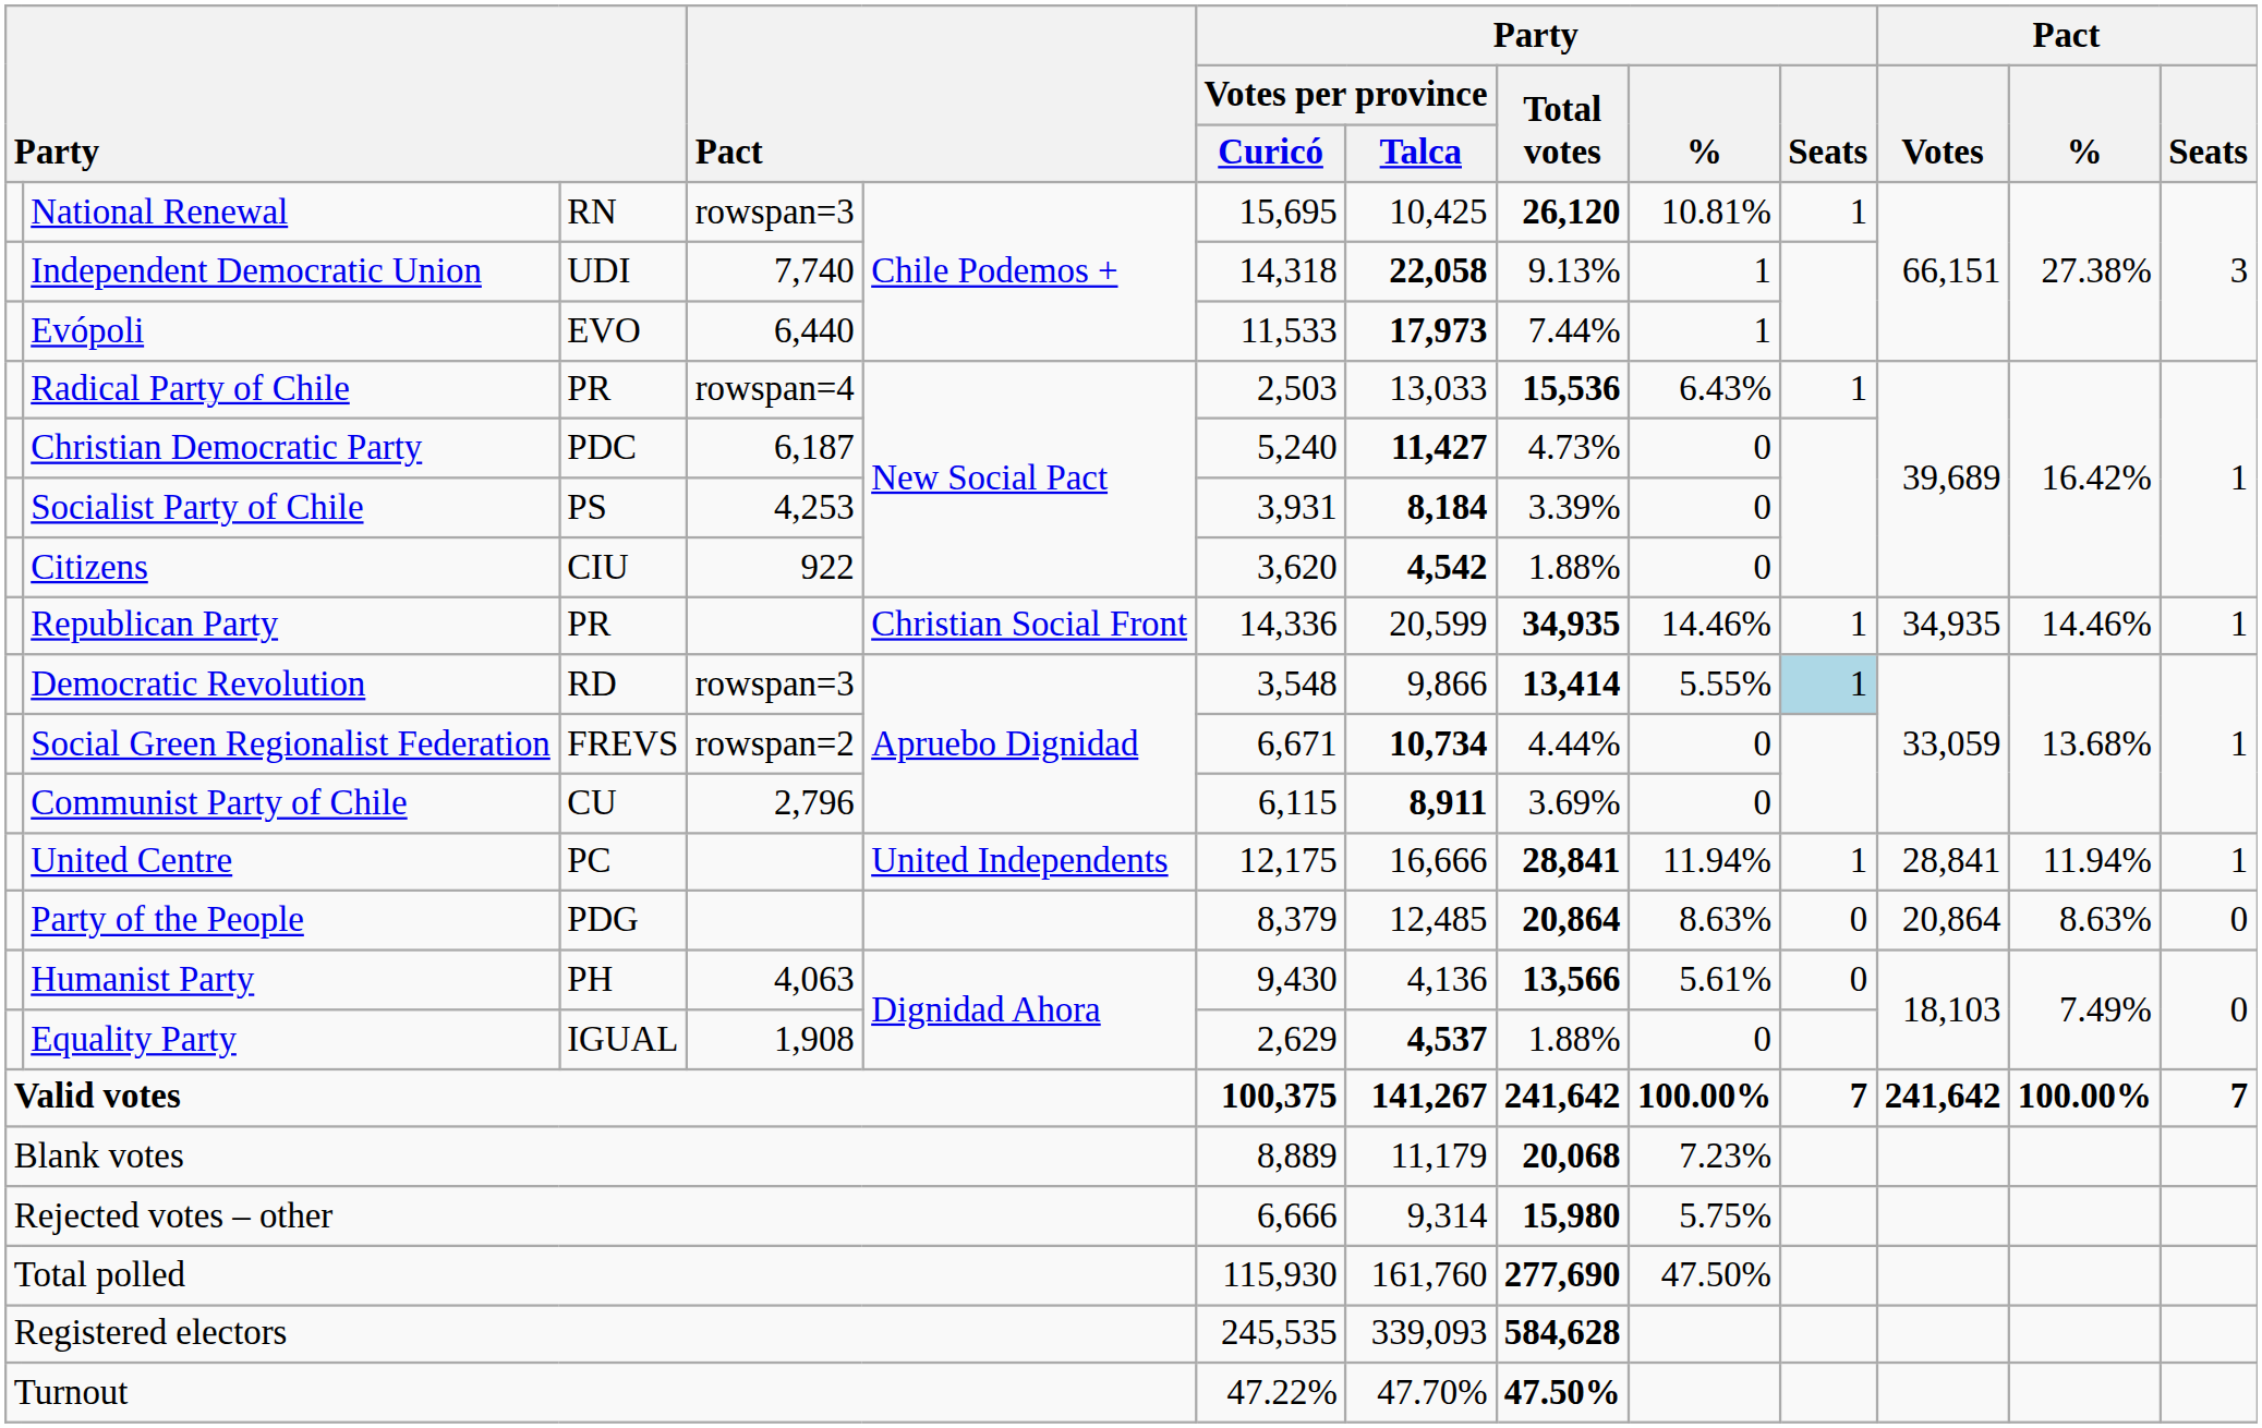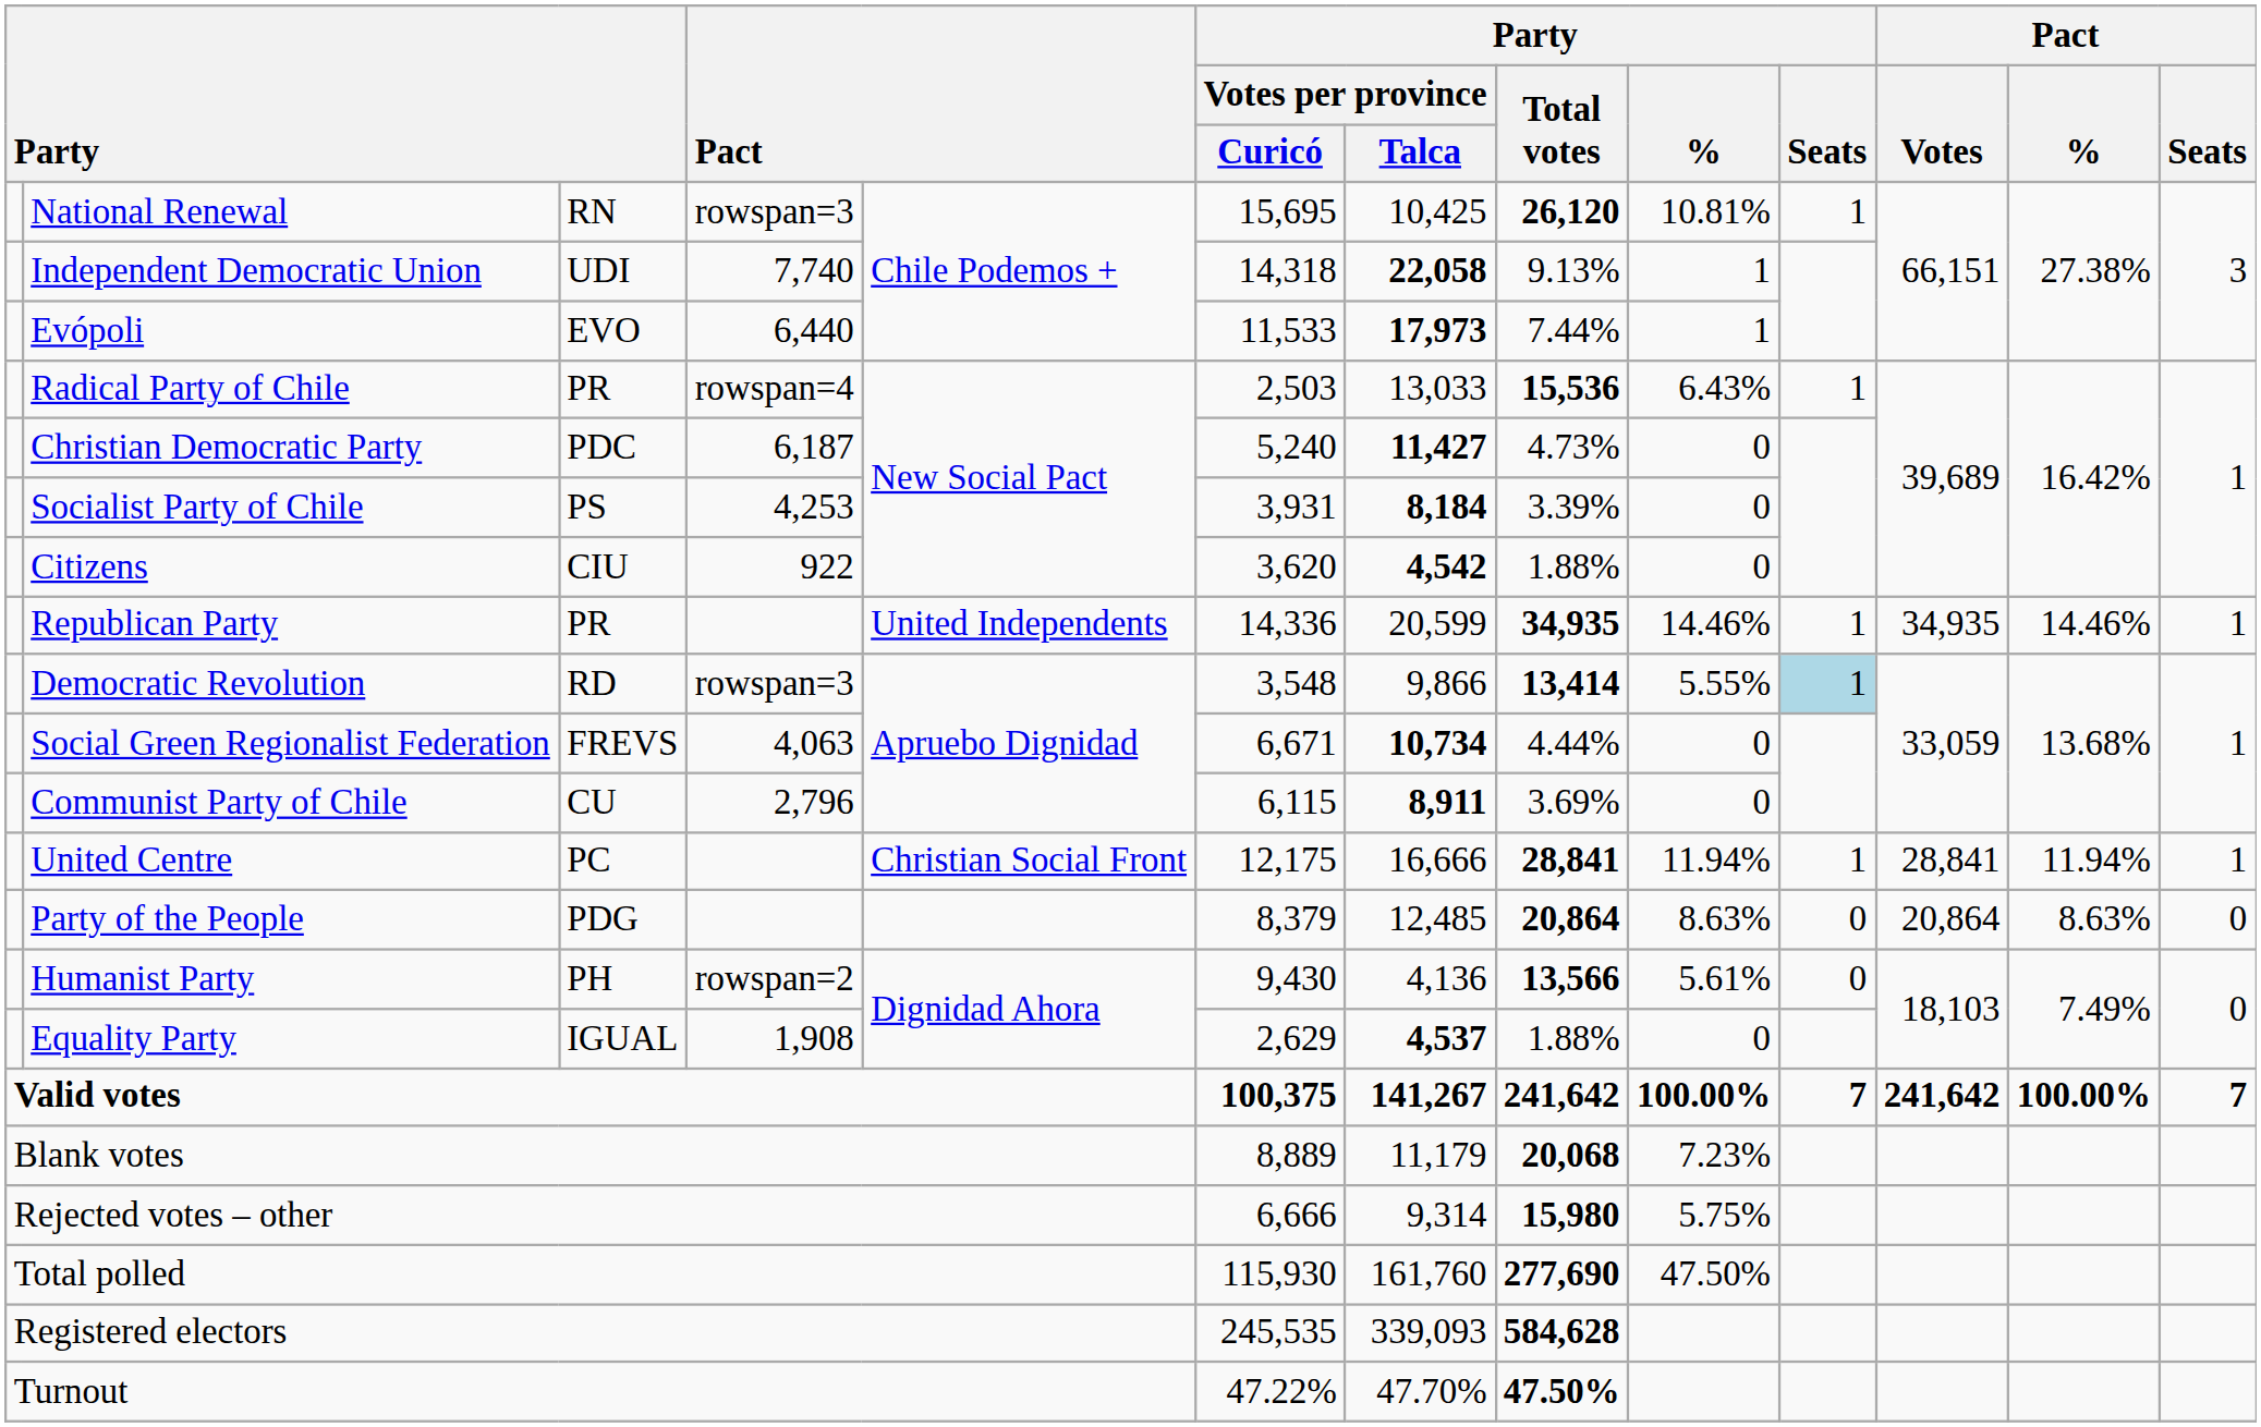 <table class="wikitable" border="1" style="font-size:90%; text-align:right; white-space: nowrap;">
 <tr>
 <th style="text-align:left;" valign=bottom rowspan=3 colspan=3>Party</th>
 <th style="text-align:left;" valign=bottom rowspan=3 colspan=2>Pact</th>
 <th colspan=5>Party</th>
 <th colspan=3>Pact</th>
 </tr>
 <tr>
 <th colspan=2>Votes per province</th>
 <th align=center valign=bottom rowspan=2 width="40">Total<br>votes</th>
 <th align=center valign=bottom rowspan=2 width="40">%</th>
 <th align=center valign=bottom rowspan=2>Seats</th>
 <th align=center valign=bottom rowspan=2 width="40">Votes</th>
 <th align=center valign=bottom rowspan=2 width="40">%</th>
 <th align=center valign=bottom rowspan=2>Seats</th>
 </tr>
 <tr>
 <th align=center valign=bottom width="40"><a href='#'>Curicó</a></th>
 <th align=center valign=bottom width="40"><a href='#'>Talca</a></th>
 </tr>
 <tr>
 <td></td>
 <td align=left><a href='#'>National Renewal</a></td>
 <td align=left>RN</td>
 <td>rowspan=3 </td>
 <td rowspan=3 align=left><a href='#'>Chile Podemos +</a></td>
 <td>15,695</td>
 <td>10,425</td>
 <td><strong>26,120</strong></td>
 <td>10.81%</td>
 <td>1</td>
 <td rowspan=3>66,151</td>
 <td rowspan=3>27.38%</td>
 <td rowspan=3>3</td>
 </tr>
 <tr>
 <td></td>
 <td align=left><a href='#'>Independent Democratic Union</a></td>
 <td align=left>UDI</td>
 <td>7,740</td>
 <td>14,318</td>
 <td><strong>22,058</strong></td>
 <td>9.13%</td>
 <td>1</td>
 </tr>
 <tr>
 <td></td>
 <td align=left><a href='#'>Evópoli</a></td>
 <td align=left>EVO</td>
 <td>6,440</td>
 <td>11,533</td>
 <td><strong>17,973</strong></td>
 <td>7.44%</td>
 <td>1</td>
 </tr>
 <tr>
 <td></td>
 <td align=left><a href='#'>Radical Party of Chile</a></td>
 <td align=left>PR</td>
 <td>rowspan=4 </td>
 <td rowspan=4 align=left><a href='#'>New Social Pact</a></td>
 <td>2,503</td>
 <td>13,033</td>
 <td><strong>15,536</strong></td>
 <td>6.43%</td>
 <td>1</td>
 <td rowspan=4>39,689</td>
 <td rowspan=4>16.42%</td>
 <td rowspan=4>1</td>
 </tr>
 <tr>
 <td></td>
 <td align=left><a href='#'>Christian Democratic Party</a></td>
 <td align=left>PDC</td>
 <td>6,187</td>
 <td>5,240</td>
 <td><strong>11,427</strong></td>
 <td>4.73%</td>
 <td>0</td>
 </tr>
 <tr>
 <td></td>
 <td align=left><a href='#'>Socialist Party of Chile</a></td>
 <td align=left>PS</td>
 <td>4,253</td>
 <td>3,931</td>
 <td><strong>8,184</strong></td>
 <td>3.39%</td>
 <td>0</td>
 </tr>
 <tr>
 <td></td>
 <td align=left><a href='#'>Citizens</a></td>
 <td align=left>CIU</td>
 <td>922</td>
 <td>3,620</td>
 <td><strong>4,542</strong></td>
 <td>1.88%</td>
 <td>0</td>
 </tr>
 <tr>
 <td></td>
 <td align=left><a href='#'>Republican Party</a></td>
 <td align=left>PR</td>
 <td></td>
-<td align=left><a href='#'>Christian Social Front</a></td>
+<td align=left><a href='#'>United Independents</a></td>
 <td>14,336</td>
 <td>20,599</td>
 <td><strong>34,935</strong></td>
 <td>14.46%</td>
 <td>1</td>
 <td>34,935</td>
 <td>14.46%</td>
 <td>1</td>
 </tr>
 <tr>
 <td></td>
 <td align=left><a href='#'>Democratic Revolution</a></td>
 <td align=left>RD</td>
 <td>rowspan=3 </td>
 <td rowspan=3 align=left><a href='#'>Apruebo Dignidad</a></td>
 <td>3,548</td>
 <td>9,866</td>
 <td><strong>13,414</strong></td>
 <td>5.55%</td>
 <td style="background: lightblue;">1</td>
 <td rowspan=3>33,059</td>
 <td rowspan=3>13.68%</td>
 <td rowspan=3>1</td>
 </tr>
 <tr>
 <td></td>
 <td align=left><a href='#'>Social Green Regionalist Federation</a></td>
 <td align=left>FREVS</td>
-<td>rowspan=2 </td>
+<td>4,063</td>
 <td>6,671</td>
 <td><strong>10,734</strong></td>
 <td>4.44%</td>
 <td>0</td>
 </tr>
 <tr>
 <td></td>
 <td align=left><a href='#'>Communist Party of Chile</a></td>
 <td align=left>CU</td>
 <td>2,796</td>
 <td>6,115</td>
 <td><strong>8,911</strong></td>
 <td>3.69%</td>
 <td>0</td>
 </tr>
 <tr>
 <td></td>
 <td align=left><a href='#'>United Centre</a></td>
 <td align=left>PC</td>
 <td></td>
-<td align=left><a href='#'>United Independents</a></td>
+<td align=left><a href='#'>Christian Social Front</a></td>
 <td>12,175</td>
 <td>16,666</td>
 <td><strong>28,841</strong></td>
 <td>11.94%</td>
 <td>1</td>
 <td>28,841</td>
 <td>11.94%</td>
 <td>1</td>
 </tr>
 <tr>
 <td></td>
 <td align=left><a href='#'>Party of the People</a></td>
 <td align=left>PDG</td>
 <td></td>
 <td></td>
 <td>8,379</td>
 <td>12,485</td>
 <td><strong>20,864</strong></td>
 <td>8.63%</td>
 <td>0</td>
 <td>20,864</td>
 <td>8.63%</td>
 <td>0</td>
 </tr>
 <tr>
 <td></td>
 <td align=left><a href='#'>Humanist Party</a></td>
 <td align=left>PH</td>
-<td>4,063</td>
+<td>rowspan=2 </td>
 <td rowspan=2 align=left><a href='#'>Dignidad Ahora</a></td>
 <td>9,430</td>
 <td>4,136</td>
 <td><strong>13,566</strong></td>
 <td>5.61%</td>
 <td>0</td>
 <td rowspan=2>18,103</td>
 <td rowspan=2>7.49%</td>
 <td rowspan=2>0</td>
 </tr>
 <tr>
 <td></td>
 <td align=left><a href='#'>Equality Party</a></td>
 <td align=left>IGUAL</td>
 <td>1,908</td>
 <td>2,629</td>
 <td><strong>4,537</strong></td>
 <td>1.88%</td>
 <td>0</td>
 </tr>
 <tr style="font-weight:bold">
 <td align=left colspan=5>Valid votes</td>
 <td>100,375</td>
 <td>141,267</td>
 <td>241,642</td>
 <td>100.00%</td>
 <td>7</td>
 <td>241,642</td>
 <td>100.00%</td>
 <td>7</td>
 </tr>
 <tr>
 <td align=left colspan=5>Blank votes</td>
 <td>8,889</td>
 <td>11,179</td>
 <td><strong>20,068</strong></td>
 <td>7.23%</td>
 <td></td>
 <td></td>
 <td></td>
 <td></td>
 </tr>
 <tr>
 <td align=left colspan=5>Rejected votes – other</td>
 <td>6,666</td>
 <td>9,314</td>
 <td><strong>15,980</strong></td>
 <td>5.75%</td>
 <td></td>
 <td></td>
 <td></td>
 <td></td>
 </tr>
 <tr>
 <td align=left colspan=5>Total polled</td>
 <td>115,930</td>
 <td>161,760</td>
 <td><strong>277,690</strong></td>
 <td>47.50%</td>
 <td></td>
 <td></td>
 <td></td>
 <td></td>
 </tr>
 <tr>
 <td align=left colspan=5>Registered electors</td>
 <td>245,535</td>
 <td>339,093</td>
 <td><strong>584,628</strong></td>
 <td></td>
 <td></td>
 <td></td>
 <td></td>
 <td></td>
 </tr>
 <tr>
 <td align=left colspan=5>Turnout</td>
 <td>47.22%</td>
 <td>47.70%</td>
 <td><strong>47.50%</strong></td>
 <td></td>
 <td></td>
 <td></td>
 <td></td>
 <td></td>
 </tr>
 </table>
